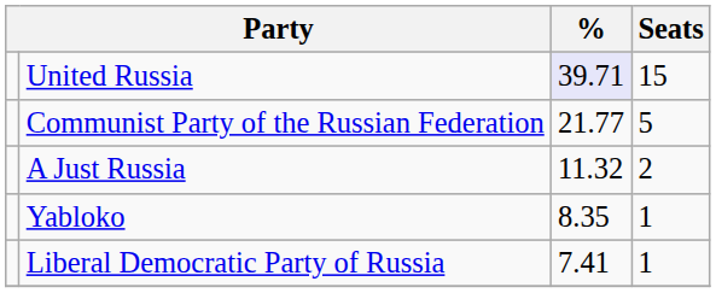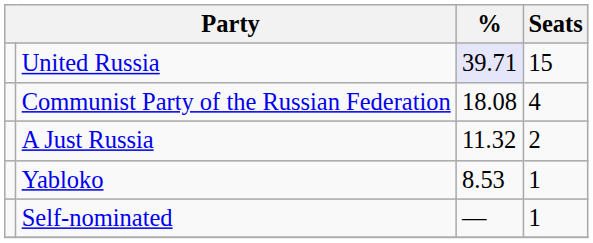 <table class="wikitable">
 <tr>
 <th colspan=2>Party</th>
 <th>%</th>
 <th>Seats</th>
 </tr>
 <tr>
 <td style="background:"></td>
 <td><a href='#'>United Russia</a></td>
 <td style="background: lavender;">39.71</td>
 <td>15</td>
 </tr>
 <tr>
 <td style="background:"></td>
 <td><a href='#'>Communist Party of the Russian Federation</a></td>
-<td>21.77</td>
-<td>5</td>
+<td>18.08</td>
+<td>4</td>
 </tr>
 <tr>
 <td style="background:"></td>
 <td><a href='#'>A Just Russia</a></td>
 <td>11.32</td>
 <td>2</td>
 </tr>
 <tr>
 <td style="background:"></td>
 <td><a href='#'>Yabloko</a></td>
-<td>8.35</td>
+<td>8.53</td>
 <td>1</td>
 </tr>
 <tr>
 <td style="background:"></td>
-<td><a href='#'>Liberal Democratic Party of Russia</a></td>
-<td>7.41</td>
+<td><a href='#'>Self-nominated</a></td>
+<td>—</td>
 <td>1</td>
 </tr>
 <tr>
 </tr>
 </table>
